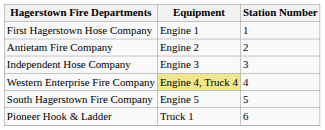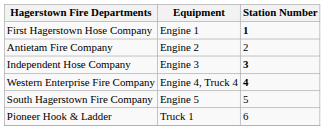 <table class="wikitable">
 <tr>
 <th>Hagerstown Fire Departments</th>
 <th>Equipment</th>
 <th>Station Number</th>
 </tr>
 <tr>
 <td>First Hagerstown Hose Company</td>
 <td>Engine 1</td>
-<td>1</td>
+<td><strong>1</strong></td>
 </tr>
 <tr>
 <td>Antietam Fire Company</td>
 <td>Engine 2</td>
 <td>2</td>
 </tr>
 <tr>
 <td>Independent Hose Company</td>
 <td>Engine 3</td>
-<td>3</td>
+<td><strong>3</strong></td>
 </tr>
 <tr>
 <td>Western Enterprise Fire Company</td>
-<td style="background: khaki;">Engine 4, Truck 4</td>
-<td>4</td>
+<td>Engine 4, Truck 4</td>
+<td><strong>4</strong></td>
 </tr>
 <tr>
 <td>South Hagerstown Fire Company</td>
 <td>Engine 5</td>
 <td>5</td>
 </tr>
 <tr>
 <td>Pioneer Hook & Ladder</td>
 <td>Truck 1</td>
 <td>6</td>
 </tr>
 <tr>
 </tr>
 </table>
